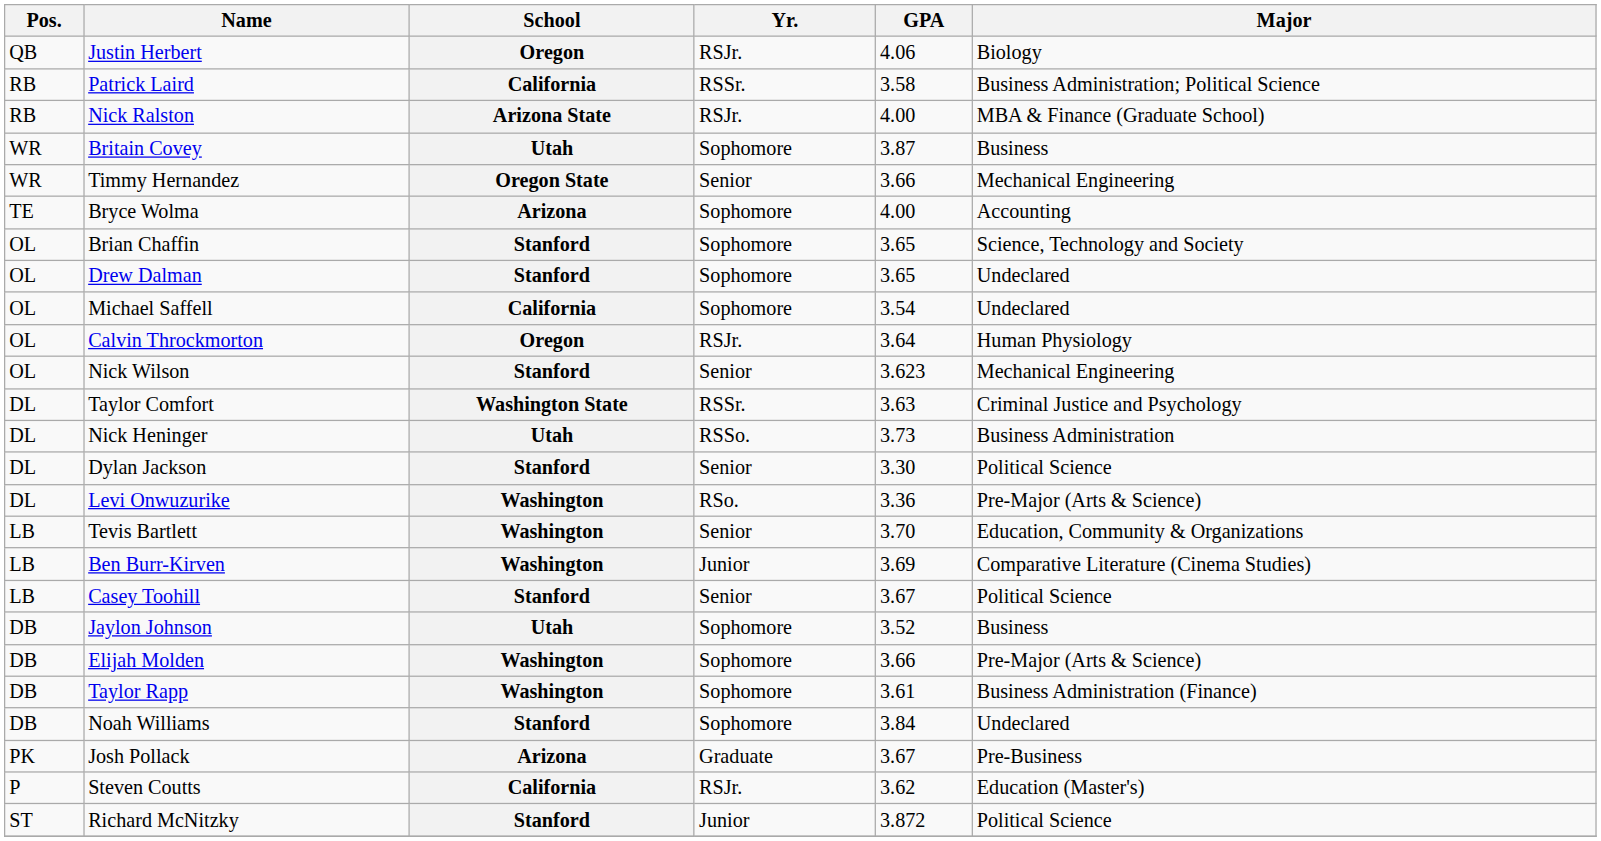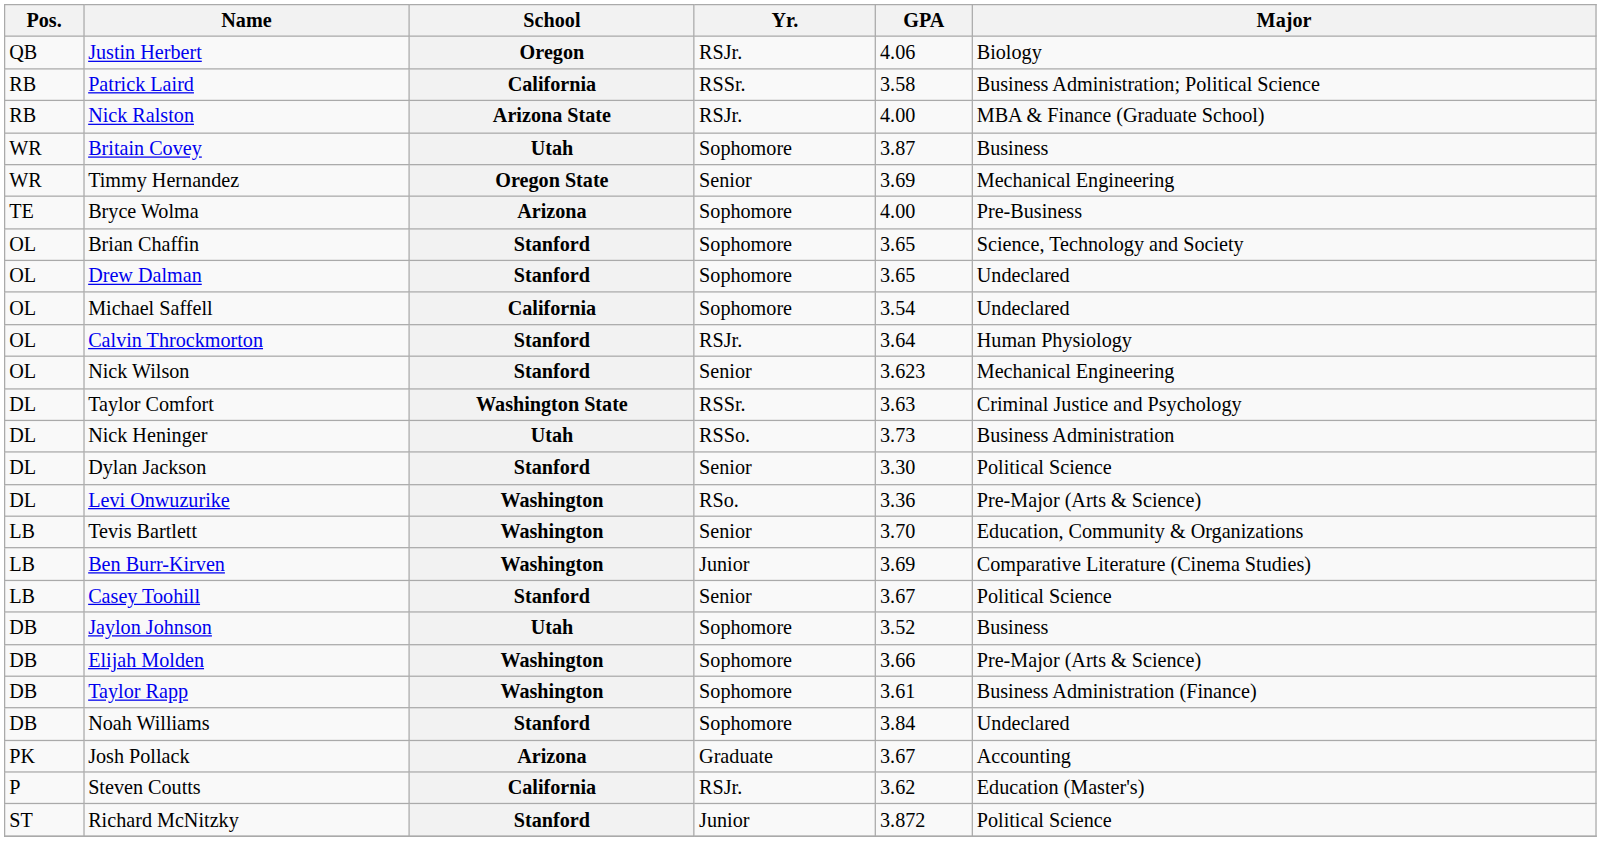 <table class="wikitable sortable sortable" style="width:100%;">
 <tr>
 <th>Pos.</th>
 <th>Name</th>
 <th>School</th>
 <th>Yr.</th>
 <th>GPA</th>
 <th>Major</th>
 </tr>
 <tr>
 <td>QB</td>
 <td><a href='#'>Justin Herbert</a></td>
 <th>Oregon</th>
 <td>RSJr.</td>
 <td>4.06</td>
 <td>Biology</td>
 </tr>
 <tr>
 <td>RB</td>
 <td><a href='#'>Patrick Laird</a></td>
 <th>California</th>
 <td>RSSr.</td>
 <td>3.58</td>
 <td>Business Administration; Political Science</td>
 </tr>
 <tr>
 <td>RB</td>
 <td><a href='#'>Nick Ralston</a></td>
 <th>Arizona State</th>
 <td>RSJr.</td>
 <td>4.00</td>
 <td>MBA & Finance (Graduate School)</td>
 </tr>
 <tr>
 <td>WR</td>
 <td><a href='#'>Britain Covey</a></td>
 <th>Utah</th>
 <td>Sophomore</td>
 <td>3.87</td>
 <td>Business</td>
 </tr>
 <tr>
 <td>WR</td>
 <td>Timmy Hernandez</td>
 <th>Oregon State</th>
 <td>Senior</td>
-<td>3.66</td>
+<td>3.69</td>
 <td>Mechanical Engineering</td>
 </tr>
 <tr>
 <td>TE</td>
 <td>Bryce Wolma</td>
 <th>Arizona</th>
 <td>Sophomore</td>
 <td>4.00</td>
-<td>Accounting</td>
+<td>Pre-Business</td>
 </tr>
 <tr>
 <td>OL</td>
 <td>Brian Chaffin</td>
 <th>Stanford</th>
 <td>Sophomore</td>
 <td>3.65</td>
 <td>Science, Technology and Society</td>
 </tr>
 <tr>
 <td>OL</td>
 <td><a href='#'>Drew Dalman</a></td>
 <th>Stanford</th>
 <td>Sophomore</td>
 <td>3.65</td>
 <td>Undeclared</td>
 </tr>
 <tr>
 <td>OL</td>
 <td>Michael Saffell</td>
 <th>California</th>
 <td>Sophomore</td>
 <td>3.54</td>
 <td>Undeclared</td>
 </tr>
 <tr>
 <td>OL</td>
 <td><a href='#'>Calvin Throckmorton</a></td>
-<th>Oregon</th>
+<th>Stanford</th>
 <td>RSJr.</td>
 <td>3.64</td>
 <td>Human Physiology</td>
 </tr>
 <tr>
 <td>OL</td>
 <td>Nick Wilson</td>
 <th>Stanford</th>
 <td>Senior</td>
 <td>3.623</td>
 <td>Mechanical Engineering</td>
 </tr>
 <tr>
 <td>DL</td>
 <td>Taylor Comfort</td>
 <th>Washington State</th>
 <td>RSSr.</td>
 <td>3.63</td>
 <td>Criminal Justice and Psychology</td>
 </tr>
 <tr>
 <td>DL</td>
 <td>Nick Heninger</td>
 <th>Utah</th>
 <td>RSSo.</td>
 <td>3.73</td>
 <td>Business Administration</td>
 </tr>
 <tr>
 <td>DL</td>
 <td>Dylan Jackson</td>
 <th>Stanford</th>
 <td>Senior</td>
 <td>3.30</td>
 <td>Political Science</td>
 </tr>
 <tr>
 <td>DL</td>
 <td><a href='#'>Levi Onwuzurike</a></td>
 <th>Washington</th>
 <td>RSo.</td>
 <td>3.36</td>
 <td>Pre-Major (Arts & Science)</td>
 </tr>
 <tr>
 <td>LB</td>
 <td>Tevis Bartlett</td>
 <th>Washington</th>
 <td>Senior</td>
 <td>3.70</td>
 <td>Education, Community & Organizations</td>
 </tr>
 <tr>
 <td>LB</td>
 <td><a href='#'>Ben Burr-Kirven</a></td>
 <th>Washington</th>
 <td>Junior</td>
 <td>3.69</td>
 <td>Comparative Literature (Cinema Studies)</td>
 </tr>
 <tr>
 <td>LB</td>
 <td><a href='#'>Casey Toohill</a></td>
 <th>Stanford</th>
 <td>Senior</td>
 <td>3.67</td>
 <td>Political Science</td>
 </tr>
 <tr>
 <td>DB</td>
 <td><a href='#'>Jaylon Johnson</a></td>
 <th>Utah</th>
 <td>Sophomore</td>
 <td>3.52</td>
 <td>Business</td>
 </tr>
 <tr>
 <td>DB</td>
 <td><a href='#'>Elijah Molden</a></td>
 <th>Washington</th>
 <td>Sophomore</td>
 <td>3.66</td>
 <td>Pre-Major (Arts & Science)</td>
 </tr>
 <tr>
 <td>DB</td>
 <td><a href='#'>Taylor Rapp</a></td>
 <th>Washington</th>
 <td>Sophomore</td>
 <td>3.61</td>
 <td>Business Administration (Finance)</td>
 </tr>
 <tr>
 <td>DB</td>
 <td>Noah Williams</td>
 <th>Stanford</th>
 <td>Sophomore</td>
 <td>3.84</td>
 <td>Undeclared</td>
 </tr>
 <tr>
 <td>PK</td>
 <td>Josh Pollack</td>
 <th>Arizona</th>
 <td>Graduate</td>
 <td>3.67</td>
-<td>Pre-Business</td>
+<td>Accounting</td>
 </tr>
 <tr>
 <td>P</td>
 <td>Steven Coutts</td>
 <th>California</th>
 <td>RSJr.</td>
 <td>3.62</td>
 <td>Education (Master's)</td>
 </tr>
 <tr>
 <td>ST</td>
 <td>Richard McNitzky</td>
 <th>Stanford</th>
 <td>Junior</td>
 <td>3.872</td>
 <td>Political Science</td>
 </tr>
 <tr>
 </tr>
 </table>
